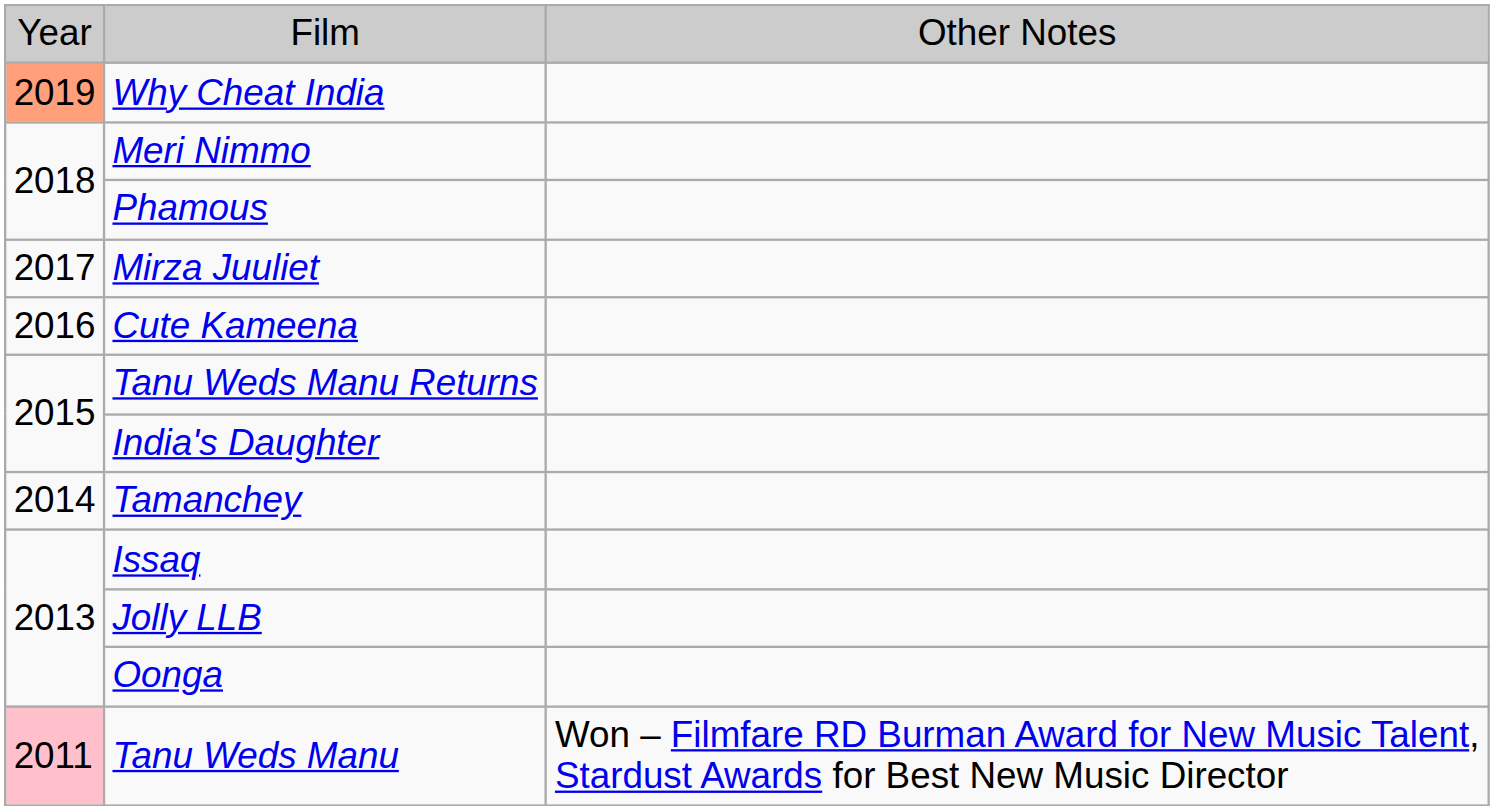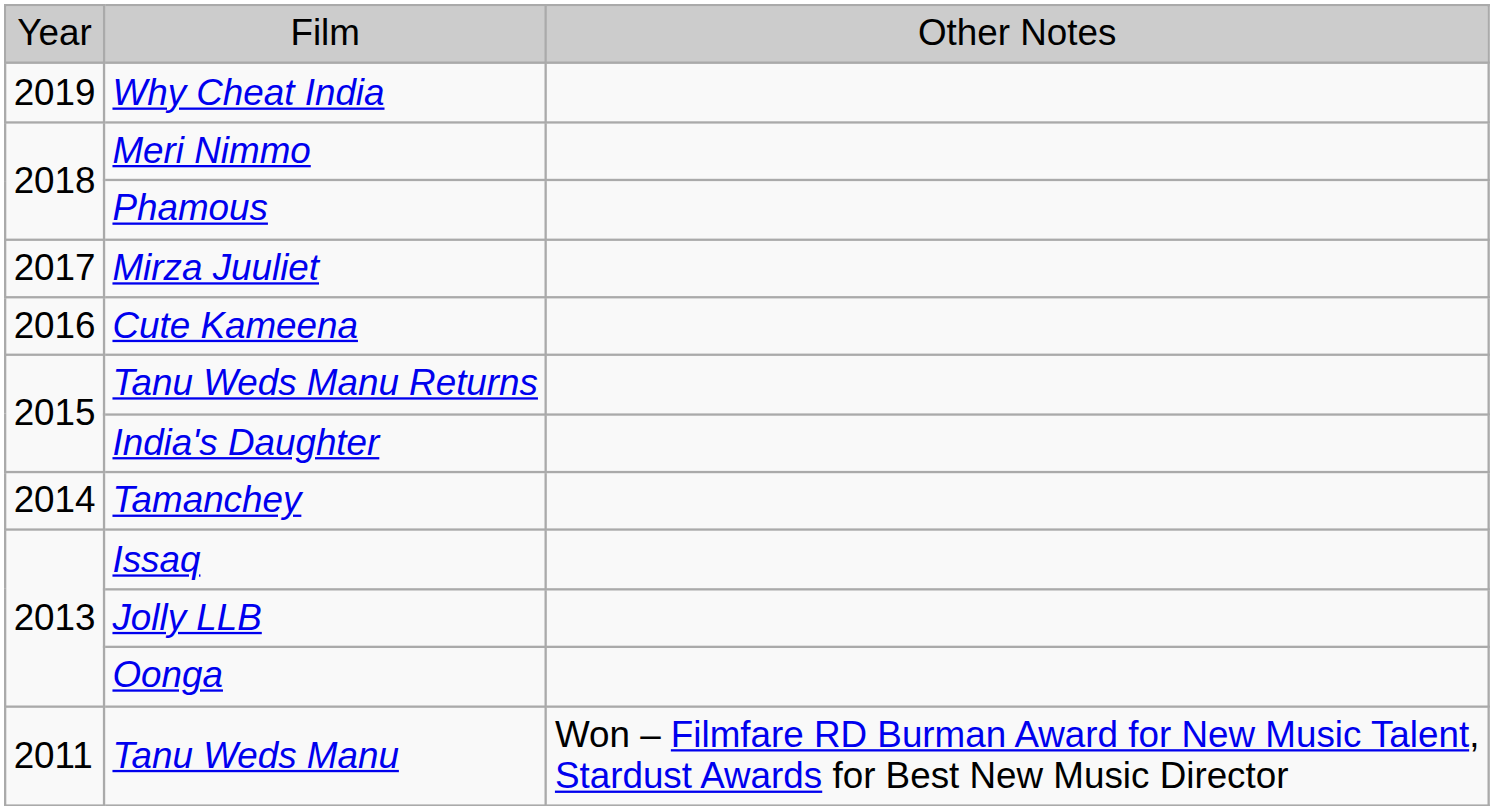 <table class="wikitable">
 <tr style="background:#ccc; text-align:center;">
 <td>Year</td>
 <td>Film</td>
 <td>Other Notes</td>
 </tr>
 <tr>
-<td style="background: lightsalmon;">2019</td>
+<td>2019</td>
 <td><em><a href='#'>Why Cheat India</a></em></td>
 <td></td>
 </tr>
 <tr>
 <td rowspan="2">2018</td>
 <td><em><a href='#'>Meri Nimmo</a></em></td>
 <td></td>
 </tr>
 <tr>
 <td><em><a href='#'>Phamous</a></em></td>
 <td></td>
 </tr>
 <tr>
 <td>2017</td>
 <td><em><a href='#'>Mirza Juuliet</a></em></td>
 <td></td>
 </tr>
 <tr>
 <td>2016</td>
 <td><em><a href='#'>Cute Kameena</a></em></td>
 <td></td>
 </tr>
 <tr>
 <td rowspan="2">2015</td>
 <td><em><a href='#'>Tanu Weds Manu Returns</a></em></td>
 <td></td>
 </tr>
 <tr>
 <td><em><a href='#'>India's Daughter</a></em></td>
 <td></td>
 </tr>
 <tr>
 <td>2014</td>
 <td><em><a href='#'>Tamanchey</a></em></td>
 <td></td>
 </tr>
 <tr>
 <td rowspan="3">2013</td>
 <td><em><a href='#'>Issaq</a></em></td>
 <td></td>
 </tr>
 <tr>
 <td><em><a href='#'>Jolly LLB</a></em></td>
 <td></td>
 </tr>
 <tr>
 <td><em><a href='#'>Oonga</a></em></td>
 <td></td>
 </tr>
 <tr>
-<td style="background: pink;">2011</td>
+<td>2011</td>
 <td><em><a href='#'>Tanu Weds Manu</a></em></td>
 <td>Won – <a href='#'>Filmfare RD Burman Award for New Music Talent</a>, <br> <a href='#'>Stardust Awards</a> for Best New Music Director</td>
 </tr>
 </table>
